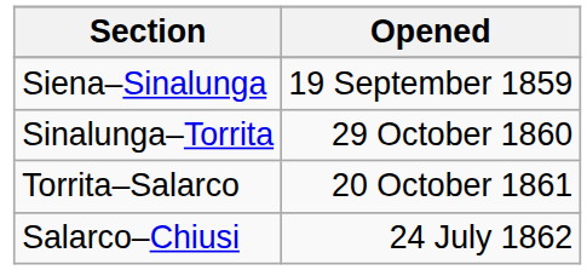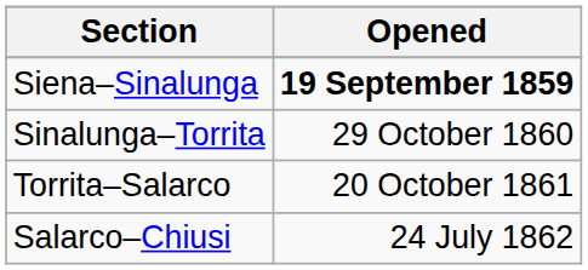 <table class="wikitable" style="float:right">
 <tr>
 </tr>
 <tr style="background:#efefef;">
 <th>Section</th>
 <th>Opened</th>
 </tr>
 <tr>
 </tr>
 <tr>
 <td align="left">Siena–<a href='#'>Sinalunga</a></td>
-<td align="right">19 September 1859</td>
+<td align="right"><strong>19 September 1859</strong></td>
 </tr>
 <tr>
 <td align="left">Sinalunga–<a href='#'>Torrita</a></td>
 <td align="right">29 October 1860</td>
 </tr>
 <tr>
 <td align="left">Torrita–Salarco</td>
 <td align="right">20 October 1861</td>
 </tr>
 <tr>
 <td align="left">Salarco–<a href='#'>Chiusi</a></td>
 <td align="right">24 July 1862</td>
 </tr>
 </table>
